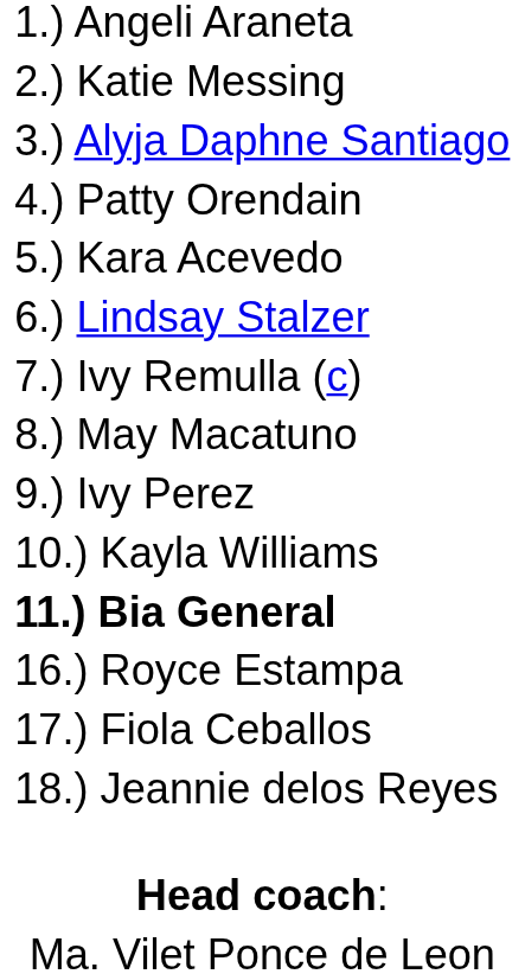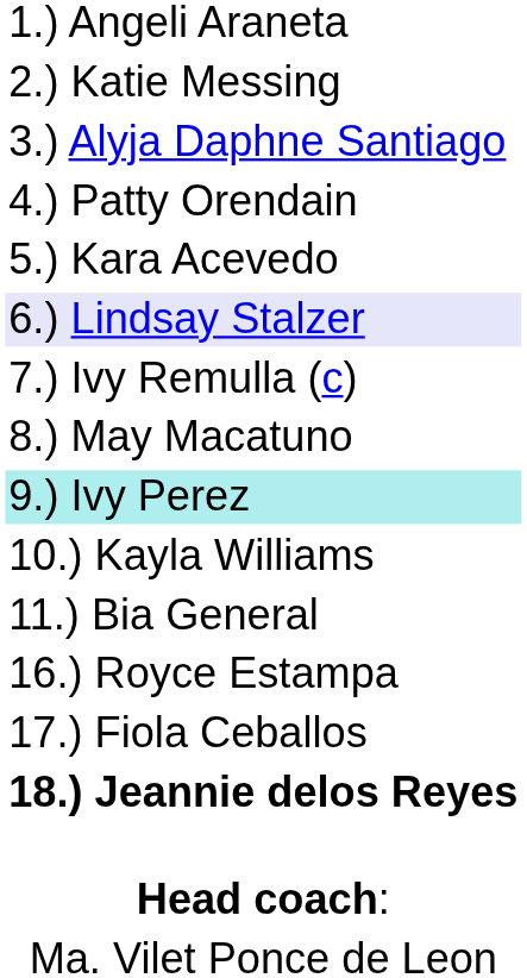 <table style="text-align: center; margin-top: 2em; margin-left: auto; margin-right: auto">
 <tr align=left>
 <td>1.) Angeli Araneta</td>
 </tr>
 <tr align=left>
 <td>2.) Katie Messing</td>
 </tr>
 <tr align=left>
 <td>3.) <a href='#'>Alyja Daphne Santiago</a></td>
 </tr>
 <tr align=left>
 <td>4.) Patty Orendain</td>
 </tr>
 <tr align=left>
 <td>5.) Kara Acevedo</td>
 </tr>
 <tr align=left>
-<td>6.) <a href='#'>Lindsay Stalzer</a></td>
+<td style="background: lavender;">6.) <a href='#'>Lindsay Stalzer</a></td>
 </tr>
 <tr align=left>
 <td>7.) Ivy Remulla (<a href='#'>c</a>)</td>
 </tr>
 <tr align=left>
 <td>8.) May Macatuno</td>
 </tr>
 <tr align=left>
-<td>9.) Ivy Perez</td>
+<td style="background: paleturquoise;">9.) Ivy Perez</td>
 </tr>
 <tr align=left>
 <td>10.) Kayla Williams</td>
 </tr>
 <tr align=left>
-<td><strong>11.) Bia General</strong></td>
+<td>11.) Bia General</td>
 </tr>
 <tr align=left>
 <td>16.) Royce Estampa</td>
 </tr>
 <tr align=left>
 <td>17.) Fiola Ceballos</td>
 </tr>
 <tr align=left>
-<td>18.) Jeannie delos Reyes</td>
+<td><strong>18.) Jeannie delos Reyes</strong></td>
 </tr>
 <tr>
 <td><br><strong>Head coach</strong>:</td>
 </tr>
 <tr>
 <td>Ma. Vilet Ponce de Leon</td>
 </tr>
 </table>
